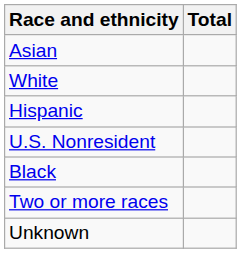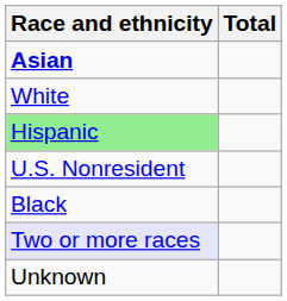 <table class="wikitable floatright sortable collapsible"; text-align:right; font-size:80%;">
 <tr>
 <th>Race and ethnicity</th>
 <th colspan="2" data-sort-type=number>Total</th>
 </tr>
 <tr>
-<td><a href='#'>Asian</a></td>
+<td><strong><a href='#'>Asian</a></strong></td>
 <td align=right></td>
 </tr>
 <tr>
 <td><a href='#'>White</a></td>
 <td align=right></td>
 </tr>
 <tr>
-<td><a href='#'>Hispanic</a></td>
+<td style="background: lightgreen;"><a href='#'>Hispanic</a></td>
 <td align=right></td>
 </tr>
 <tr>
 <td><a href='#'>U.S. Nonresident</a></td>
 <td align=right></td>
 </tr>
 <tr>
 <td><a href='#'>Black</a></td>
 <td align=right></td>
 </tr>
 <tr>
-<td><a href='#'>Two or more races</a></td>
+<td style="background: lavender;"><a href='#'>Two or more races</a></td>
 <td align=right></td>
 </tr>
 <tr>
 <td>Unknown</td>
 <td align=right></td>
 </tr>
 </table>
